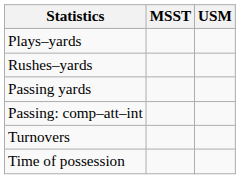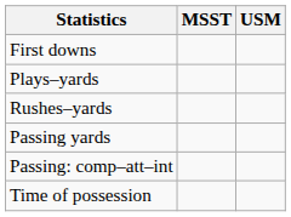 <table class="wikitable" style="float:left">
 <tr>
 <th>Statistics</th>
 <th>MSST</th>
 <th>USM</th>
+</tr>
+<tr>
+<td>First downs</td>
+<td></td>
+<td></td>
 </tr>
 <tr>
 <td>Plays–yards</td>
 <td></td>
 <td></td>
 </tr>
 <tr>
 <td>Rushes–yards</td>
 <td></td>
 <td></td>
 </tr>
 <tr>
 <td>Passing yards</td>
 <td></td>
 <td></td>
 </tr>
 <tr>
 <td>Passing: comp–att–int</td>
 <td></td>
 <td></td>
 </tr>
 <tr>
-<td>Turnovers</td>
-<td></td>
-<td></td>
-</tr>
-<tr>
 <td>Time of possession</td>
 <td></td>
 <td></td>
 </tr>
 </table>
